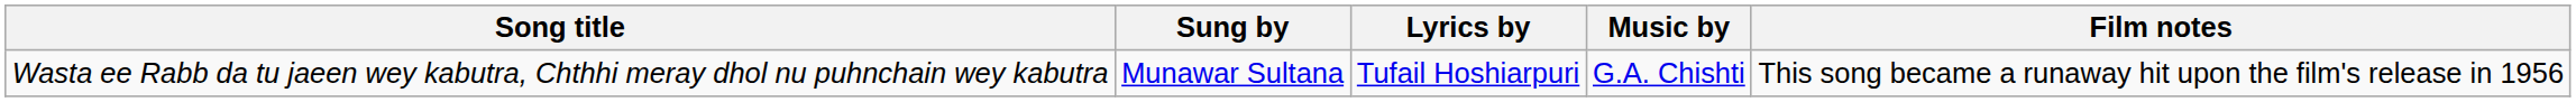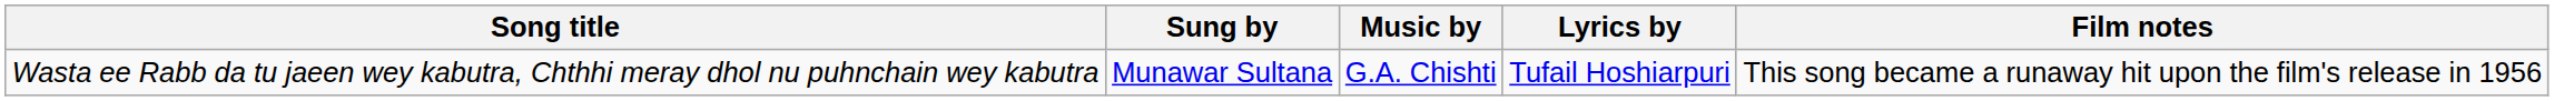 <table class = "wikitable">
 <tr>
 <th>Song title</th>
 <th>Sung by</th>
+<th>Music by</th>
 <th>Lyrics by</th>
-<th>Music by</th>
 <th>Film notes</th>
 </tr>
 <tr>
 <td><em>Wasta ee Rabb da tu jaeen wey kabutra, Chthhi meray dhol nu puhnchain wey kabutra</em></td>
 <td><a href='#'>Munawar Sultana</a></td>
+<td><a href='#'>G.A. Chishti</a></td>
 <td><a href='#'>Tufail Hoshiarpuri</a></td>
-<td><a href='#'>G.A. Chishti</a></td>
 <td>This song became a runaway hit upon the film's release in 1956</td>
 </tr>
 </table>
